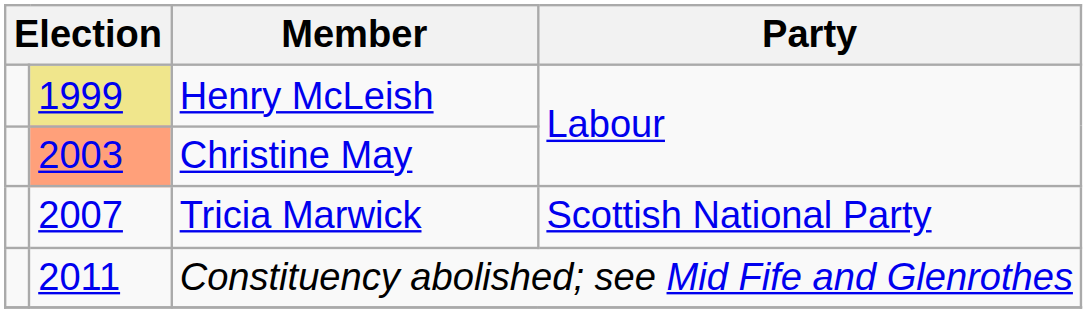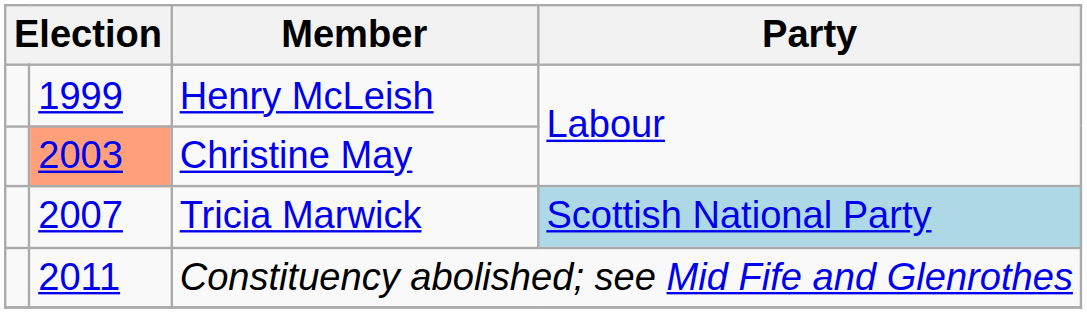 <table class="wikitable">
 <tr>
 <th colspan="2">Election</th>
 <th>Member</th>
 <th>Party</th>
 </tr>
 <tr>
 <td style="background-color: "></td>
-<td style="background: khaki;"><a href='#'>1999</a></td>
+<td><a href='#'>1999</a></td>
 <td><a href='#'>Henry McLeish</a></td>
 <td rowspan="2"><a href='#'>Labour</a></td>
 </tr>
 <tr>
 <td style="background-color: "></td>
 <td style="background: lightsalmon;"><a href='#'>2003</a></td>
 <td><a href='#'>Christine May</a></td>
 </tr>
 <tr>
 <td style="background-color: "></td>
 <td><a href='#'>2007</a></td>
 <td><a href='#'>Tricia Marwick</a></td>
-<td><a href='#'>Scottish National Party</a></td>
+<td style="background: lightblue;"><a href='#'>Scottish National Party</a></td>
 </tr>
 <tr>
 <td></td>
 <td><a href='#'>2011</a></td>
 <td colspan="3"><em>Constituency abolished; see <a href='#'>Mid Fife and Glenrothes</a></em></td>
 </tr>
 <tr>
 </tr>
 </table>
